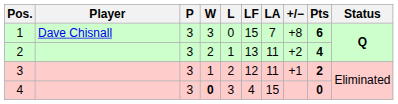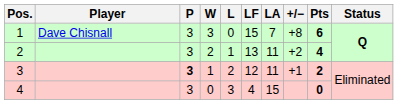 <table class="wikitable" style="text-align:center; margin: 1em auto 1em auto, align:left">
 <tr>
 <th width=20>Pos.</th>
 <th width=185>Player</th>
 <th width=20>P</th>
 <th width=20>W</th>
 <th width=20>L</th>
 <th width=20>LF</th>
 <th width=20>LA</th>
 <th width=25>+/−</th>
 <th width=20>Pts</th>
 <th width=70>Status</th>
 </tr>
 <tr style="background:#CCFFCC;">
 <td>1</td>
 <td align=left> <a href='#'>Dave Chisnall</a></td>
 <td>3</td>
 <td>3</td>
 <td>0</td>
 <td>15</td>
 <td>7</td>
 <td>+8</td>
 <td><strong>6</strong></td>
 <td rowspan=2><strong>Q</strong></td>
 </tr>
 <tr style="background:#CCFFCC;">
 <td>2</td>
 <td align=left></td>
 <td>3</td>
 <td>2</td>
 <td>1</td>
 <td>13</td>
 <td>11</td>
 <td>+2</td>
 <td><strong>4</strong></td>
 </tr>
 <tr style="background:#FFCCCC;">
 <td>3</td>
 <td align=left></td>
-<td>3</td>
+<td><strong>3</strong></td>
 <td>1</td>
 <td>2</td>
 <td>12</td>
 <td>11</td>
 <td>+1</td>
 <td><strong>2</strong></td>
 <td rowspan=2>Eliminated</td>
 </tr>
 <tr style="background:#FFCCCC;">
 <td>4</td>
 <td align=left></td>
 <td>3</td>
-<td><strong>0</strong></td>
+<td>0</td>
 <td>3</td>
 <td>4</td>
 <td>15</td>
 <td></td>
 <td><strong>0</strong></td>
 </tr>
 </table>
